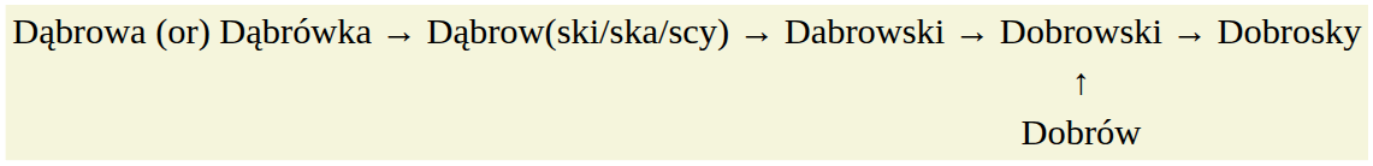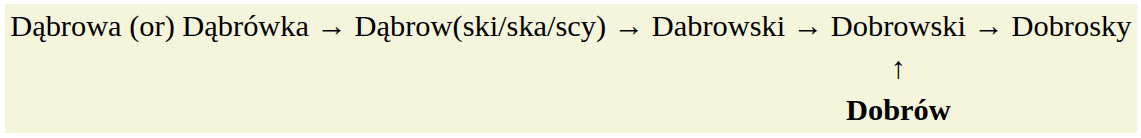 <table style="background:beige; text-align: center; margin-left:auto; margin-right: auto">
 <tr>
 <td>Dąbrowa (or) Dąbrówka</td>
 <td>→</td>
 <td>Dąbrow(ski/ska/scy)</td>
 <td>→</td>
 <td>Dabrowski</td>
 <td>→</td>
 <td>Dobrowski</td>
 <td>→</td>
 <td>Dobrosky</td>
 </tr>
 <tr>
 <td></td>
 <td></td>
 <td></td>
 <td></td>
 <td></td>
 <td></td>
 <td>↑</td>
 <td></td>
 <td></td>
 </tr>
 <tr>
 <td></td>
 <td></td>
 <td></td>
 <td></td>
 <td></td>
 <td></td>
-<td>Dobrów</td>
+<td><strong>Dobrów</strong></td>
 <td></td>
 <td></td>
 </tr>
 </table>
